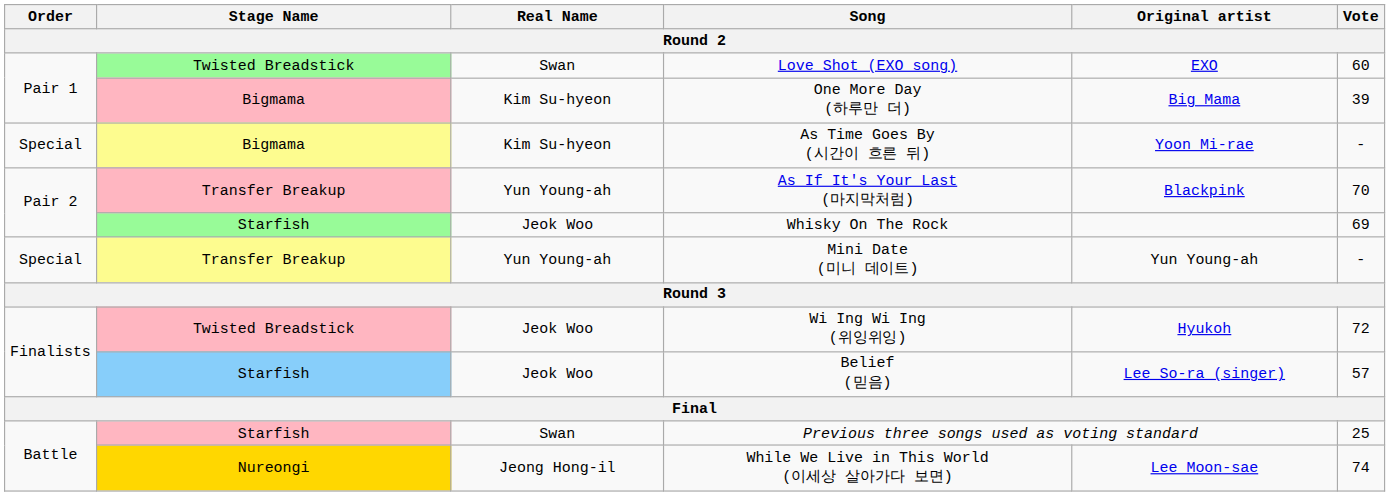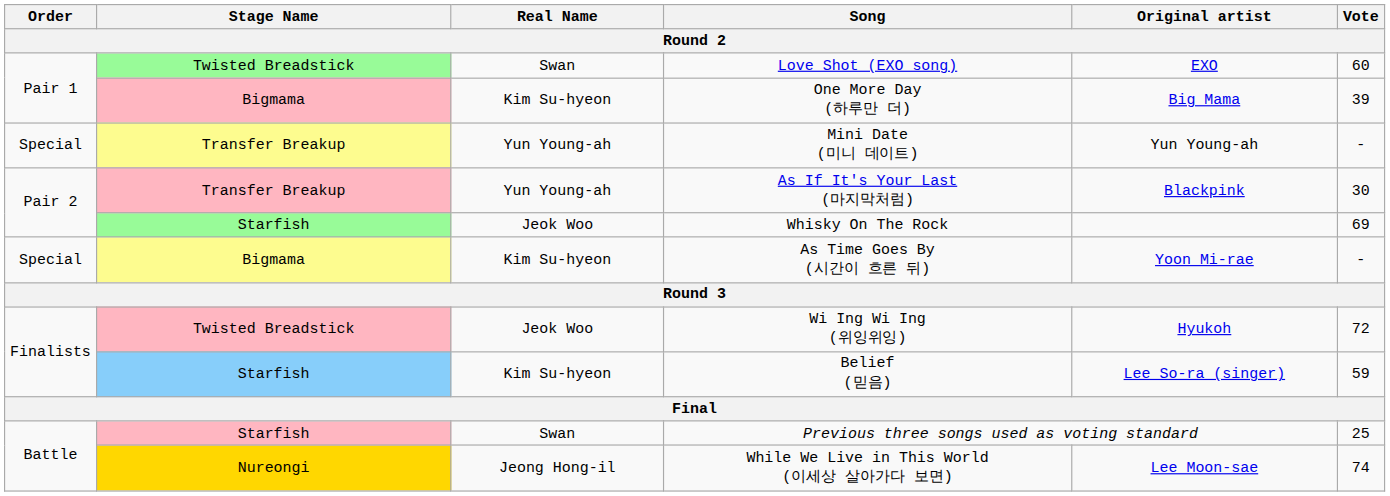 <table class="wikitable" style="text-align:center; width:95%">
 <tr>
 <th style="width:1%;">Order</th>
 <th style="width:20%;">Stage Name</th>
 <th style="width:12%">Real Name</th>
 <th style="width:23%;">Song</th>
 <th style="width:15%;">Original artist</th>
 <th style="width:1%;">Vote</th>
 </tr>
 <tr>
 <th colspan=6>Round 2</th>
 </tr>
 <tr>
 <td rowspan=2>Pair 1</td>
 <td bgcolor="palegreen">Twisted Breadstick</td>
 <td>Swan</td>
 <td><a href='#'>Love Shot (EXO song)</a></td>
 <td><a href='#'>EXO</a></td>
 <td>60</td>
 </tr>
 <tr>
 <td bgcolor="lightpink">Bigmama</td>
 <td>Kim Su-hyeon</td>
 <td>One More Day<br>(하루만 더)</td>
 <td><a href='#'>Big Mama</a></td>
 <td>39</td>
 </tr>
 <tr>
 <td>Special</td>
-<td bgcolor="#FDFC8F">Bigmama</td>
-<td>Kim Su-hyeon</td>
-<td>As Time Goes By<br>(시간이 흐른 뒤)</td>
-<td><a href='#'>Yoon Mi-rae</a></td>
+<td bgcolor="#FDFC8F">Transfer Breakup</td>
+<td>Yun Young-ah</td>
+<td>Mini Date<br>(미니 데이트)</td>
+<td>Yun Young-ah</td>
 <td>-</td>
 </tr>
 <tr>
 <td rowspan=2>Pair 2</td>
 <td bgcolor="lightpink">Transfer Breakup</td>
 <td>Yun Young-ah</td>
 <td><a href='#'>As If It's Your Last</a><br>(마지막처럼)</td>
 <td><a href='#'>Blackpink</a></td>
-<td>70</td>
+<td>30</td>
 </tr>
 <tr>
 <td bgcolor="palegreen">Starfish</td>
 <td>Jeok Woo</td>
 <td>Whisky On The Rock</td>
 <td></td>
 <td>69</td>
 </tr>
 <tr>
 <td>Special</td>
-<td bgcolor="#FDFC8F">Transfer Breakup</td>
-<td>Yun Young-ah</td>
-<td>Mini Date<br>(미니 데이트)</td>
-<td>Yun Young-ah</td>
+<td bgcolor="#FDFC8F">Bigmama</td>
+<td>Kim Su-hyeon</td>
+<td>As Time Goes By<br>(시간이 흐른 뒤)</td>
+<td><a href='#'>Yoon Mi-rae</a></td>
 <td>-</td>
 </tr>
 <tr>
 <th colspan=6>Round 3</th>
 </tr>
 <tr>
 <td rowspan=2>Finalists</td>
 <td bgcolor="lightpink">Twisted Breadstick</td>
 <td>Jeok Woo</td>
 <td>Wi Ing Wi Ing<br>(위잉위잉)</td>
 <td><a href='#'>Hyukoh</a></td>
 <td>72</td>
 </tr>
 <tr>
 <td bgcolor="lightskyblue">Starfish</td>
-<td>Jeok Woo</td>
+<td>Kim Su-hyeon</td>
 <td>Belief<br>(믿음)</td>
 <td><a href='#'>Lee So-ra (singer)</a></td>
-<td>57</td>
+<td>59</td>
 </tr>
 <tr>
 <th colspan=6>Final</th>
 </tr>
 <tr>
 <td rowspan=2>Battle</td>
 <td bgcolor="lightpink">Starfish</td>
 <td>Swan</td>
 <td colspan=2><em>Previous three songs used as voting standard</em></td>
 <td>25</td>
 </tr>
 <tr>
 <td bgcolor="gold">Nureongi</td>
 <td>Jeong Hong-il</td>
 <td>While We Live in This World<br>(이세상 살아가다 보면)</td>
 <td><a href='#'>Lee Moon-sae</a></td>
 <td>74</td>
 </tr>
 </table>
